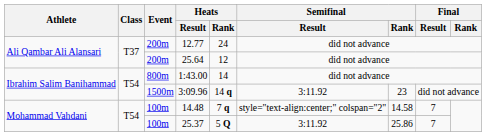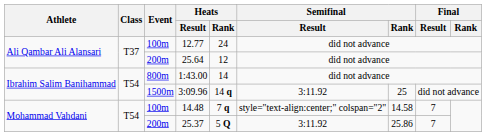 <table class=wikitable style="font-size:90%">
 <tr>
 <th rowspan="2">Athlete</th>
 <th rowspan="2">Class</th>
 <th rowspan="2">Event</th>
 <th colspan="2">Heats</th>
 <th colspan="2">Semifinal</th>
 <th colspan="3">Final</th>
 </tr>
 <tr>
 <th>Result</th>
 <th>Rank</th>
 <th>Result</th>
 <th>Rank</th>
 <th>Result</th>
 <th>Rank</th>
 </tr>
 <tr>
 <td rowspan="2"><a href='#'>Ali Qambar Ali Alansari</a></td>
 <td rowspan="2" style="text-align:center;">T37</td>
-<td><a href='#'>200m</a></td>
+<td><a href='#'>100m</a></td>
 <td style="text-align:center;">12.77</td>
 <td style="text-align:center;">24</td>
 <td style="text-align:center;" colspan="4">did not advance</td>
 </tr>
 <tr>
 <td><a href='#'>200m</a></td>
 <td style="text-align:center;">25.64</td>
 <td style="text-align:center;">12</td>
 <td style="text-align:center;" colspan="4">did not advance</td>
 </tr>
 <tr>
 <td rowspan="2"><a href='#'>Ibrahim Salim Banihammad</a></td>
 <td rowspan="2" style="text-align:center;">T54</td>
 <td><a href='#'>800m</a></td>
 <td style="text-align:center;">1:43.00</td>
 <td style="text-align:center;">14</td>
 <td style="text-align:center;" colspan="4">did not advance</td>
 </tr>
 <tr>
 <td><a href='#'>1500m</a></td>
 <td style="text-align:center;">3:09.96</td>
 <td style="text-align:center;">14 <strong>q</strong></td>
 <td style="text-align:center;">3:11.92</td>
-<td style="text-align:center;">23</td>
+<td style="text-align:center;">25</td>
 <td style="text-align:center;" colspan="2">did not advance</td>
 </tr>
 <tr>
 <td rowspan="2"><a href='#'>Mohammad Vahdani</a></td>
 <td rowspan="2" style="text-align:center;">T54</td>
 <td><a href='#'>100m</a></td>
 <td style="text-align:center;">14.48</td>
 <td style="text-align:center;">7 <strong>q</strong></td>
 <td>style="text-align:center;" colspan="2" </td>
 <td style="text-align:center;">14.58</td>
 <td style="text-align:center;">7</td>
 </tr>
 <tr>
-<td><a href='#'>100m</a></td>
+<td><a href='#'>200m</a></td>
 <td style="text-align:center;">25.37</td>
 <td style="text-align:center;">5 <strong>Q</strong></td>
 <td style="text-align:center;">3:11.92</td>
 <td style="text-align:center;">25.86</td>
 <td style="text-align:center;">7</td>
 </tr>
 </table>
